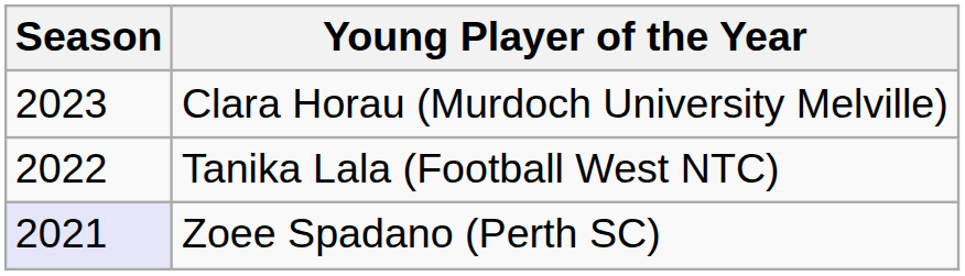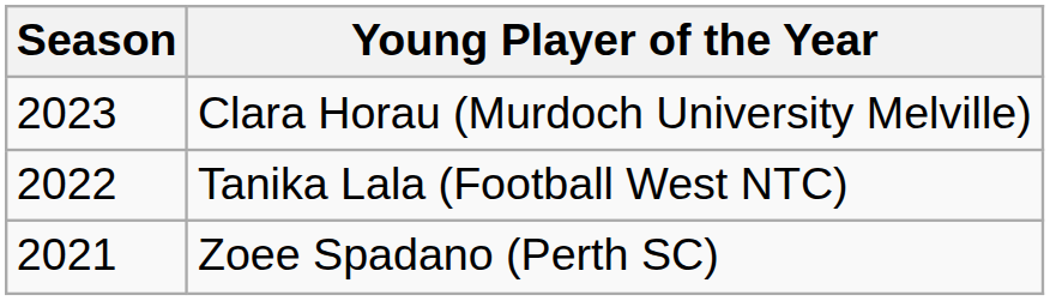 <table class="wikitable" style="text-align:left">
 <tr>
 <th>Season</th>
 <th>Young Player of the Year</th>
 </tr>
 <tr>
 <td>2023</td>
 <td>Clara Horau (Murdoch University Melville)</td>
 </tr>
 <tr>
 <td>2022</td>
 <td>Tanika Lala (Football West NTC)</td>
 </tr>
 <tr>
-<td style="background: lavender;">2021</td>
+<td>2021</td>
 <td>Zoee Spadano (Perth SC)</td>
 </tr>
 </table>
